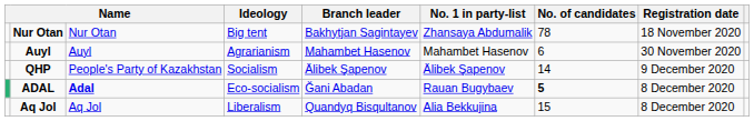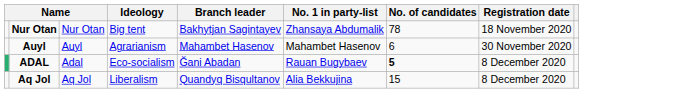 <table class="wikitable">
 <tr>
 <th colspan="3">Name</th>
 <th>Ideology</th>
 <th>Branch leader</th>
 <th>No. 1 in party-list</th>
 <th>No. of candidates</th>
 <th>Registration date</th>
 <th></th>
 </tr>
 <tr>
 <td></td>
 <td align="center"><strong>Nur Otan</strong></td>
 <td><a href='#'>Nur Otan</a></td>
 <td><a href='#'>Big tent</a></td>
 <td><a href='#'>Bakhytjan Sagintayev</a></td>
 <td><a href='#'>Zhansaya Abdumalik</a></td>
 <td>78</td>
 <td>18 November 2020</td>
 <td></td>
 </tr>
 <tr>
 <td></td>
 <td align="center"><strong>Auyl</strong></td>
 <td><a href='#'>Auyl</a></td>
 <td><a href='#'>Agrarianism</a></td>
 <td><a href='#'>Mahambet Hasenov</a></td>
 <td>Mahambet Hasenov</td>
 <td>6</td>
 <td>30 November 2020</td>
 <td></td>
 </tr>
 <tr>
-<td></td>
-<td align="center"><strong>QHP</strong></td>
-<td><a href='#'>People's Party of Kazakhstan</a></td>
-<td><a href='#'>Socialism</a></td>
-<td><a href='#'>Älibek Şapenov</a></td>
-<td><a href='#'>Älibek Şapenov</a></td>
-<td>14</td>
-<td>9 December 2020</td>
-<td></td>
-</tr>
-<tr>
 <td bgcolor="#25B072"></td>
 <td align="center"><strong>ADAL</strong></td>
-<td><strong><a href='#'>Adal</a></strong></td>
+<td><a href='#'>Adal</a></td>
 <td><a href='#'>Eco-socialism</a></td>
 <td><a href='#'>Ğani Abadan</a></td>
 <td><a href='#'>Rauan Bugybaev</a></td>
 <td><strong>5</strong></td>
 <td>8 December 2020</td>
 <td></td>
 </tr>
 <tr>
 <td></td>
 <td align="center"><strong>Aq Jol</strong></td>
 <td><a href='#'>Aq Jol</a></td>
 <td><a href='#'>Liberalism</a></td>
 <td><a href='#'>Quandyq Bisqultanov</a></td>
 <td><a href='#'>Alia Bekkujina</a></td>
 <td>15</td>
 <td>8 December 2020</td>
 <td></td>
 </tr>
 </table>
